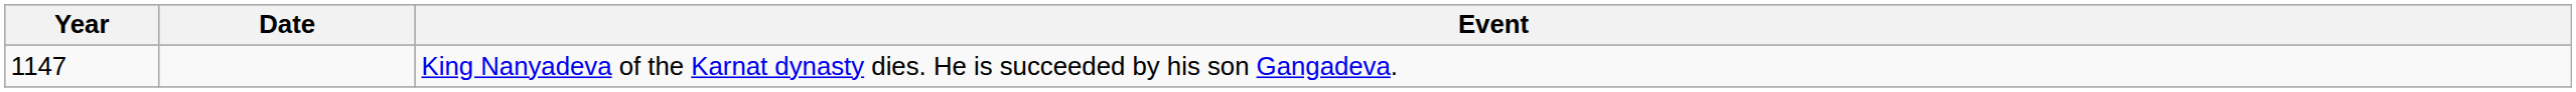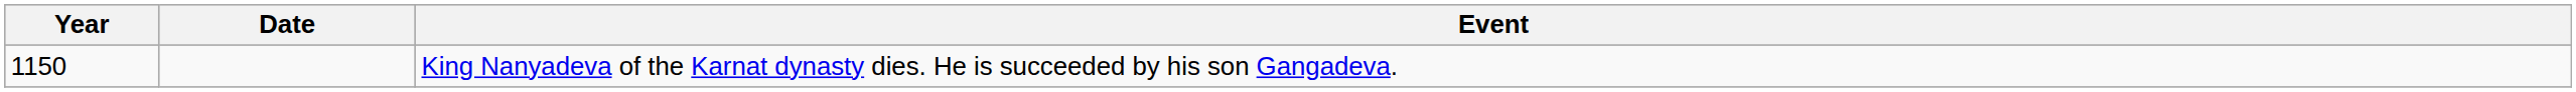 <table class="wikitable" width="100%">
 <tr>
 <th style="width:6%">Year</th>
 <th style="width:10%">Date</th>
 <th>Event</th>
 </tr>
 <tr>
-<td>1147</td>
+<td>1150</td>
 <td></td>
 <td><a href='#'>King Nanyadeva</a> of the <a href='#'>Karnat dynasty</a> dies. He is succeeded by his son <a href='#'>Gangadeva</a>.</td>
 </tr>
 </table>
